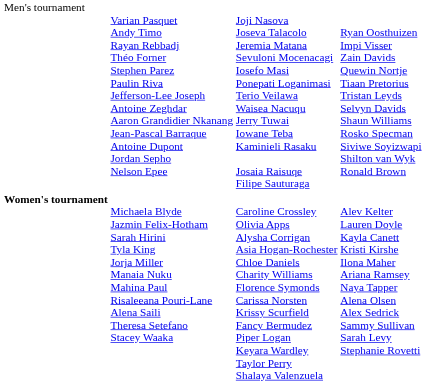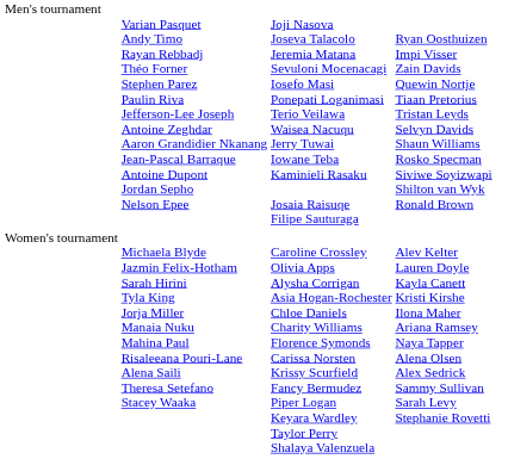 <table>
 <tr valign="top">
 <td>Men's tournament<br></td>
 <td><br><a href='#'>Varian Pasquet</a><br><a href='#'>Andy Timo</a><br><a href='#'>Rayan Rebbadj</a><br><a href='#'>Théo Forner</a><br><a href='#'>Stephen Parez</a><br><a href='#'>Paulin Riva</a><br><a href='#'>Jefferson-Lee Joseph</a><br><a href='#'>Antoine Zeghdar</a><br><a href='#'>Aaron Grandidier Nkanang</a><br><a href='#'>Jean-Pascal Barraque</a><br><a href='#'>Antoine Dupont</a><br><a href='#'>Jordan Sepho</a><br><a href='#'>Nelson Epee</a></td>
 <td><br><a href='#'>Joji Nasova</a><br><a href='#'>Joseva Talacolo</a><br><a href='#'>Jeremia Matana</a><br><a href='#'>Sevuloni Mocenacagi</a><br><a href='#'>Iosefo Masi</a><br><a href='#'>Ponepati Loganimasi</a><br><a href='#'>Terio Veilawa</a><br><a href='#'>Waisea Nacuqu</a><br><a href='#'>Jerry Tuwai</a><br><a href='#'>Iowane Teba</a><br><a href='#'>Kaminieli Rasaku</a><br><br><a href='#'>Josaia Raisuqe</a><br><a href='#'>Filipe Sauturaga</a></td>
 <td><br><br><a href='#'>Ryan Oosthuizen</a><br><a href='#'>Impi Visser</a><br><a href='#'>Zain Davids</a><br><a href='#'>Quewin Nortje</a><br><a href='#'>Tiaan Pretorius</a><br><a href='#'>Tristan Leyds</a><br><a href='#'>Selvyn Davids</a><br><a href='#'>Shaun Williams</a><br><a href='#'>Rosko Specman</a><br><a href='#'>Siviwe Soyizwapi</a><br><a href='#'>Shilton van Wyk</a><br><a href='#'>Ronald Brown</a></td>
 </tr>
 <tr valign="top">
-<td><strong>Women's tournament<br></strong></td>
+<td>Women's tournament<br></td>
 <td><br><a href='#'>Michaela Blyde</a><br><a href='#'>Jazmin Felix-Hotham</a><br><a href='#'>Sarah Hirini</a><br><a href='#'>Tyla King</a><br><a href='#'>Jorja Miller</a><br><a href='#'>Manaia Nuku</a><br><a href='#'>Mahina Paul</a><br><a href='#'>Risaleeana Pouri-Lane</a><br><a href='#'>Alena Saili</a><br><a href='#'>Theresa Setefano</a><br><a href='#'>Stacey Waaka</a><br></td>
 <td><br><a href='#'>Caroline Crossley</a><br><a href='#'>Olivia Apps</a><br><a href='#'>Alysha Corrigan</a><br><a href='#'>Asia Hogan-Rochester</a><br><a href='#'>Chloe Daniels</a><br><a href='#'>Charity Williams</a><br><a href='#'>Florence Symonds</a><br><a href='#'>Carissa Norsten</a><br><a href='#'>Krissy Scurfield</a><br><a href='#'>Fancy Bermudez</a><br><a href='#'>Piper Logan</a><br><a href='#'>Keyara Wardley</a><br><a href='#'>Taylor Perry</a><br><a href='#'>Shalaya Valenzuela</a></td>
 <td><br><a href='#'>Alev Kelter</a><br><a href='#'>Lauren Doyle</a><br><a href='#'>Kayla Canett</a><br><a href='#'>Kristi Kirshe</a><br><a href='#'>Ilona Maher</a><br><a href='#'>Ariana Ramsey</a> <br><a href='#'>Naya Tapper</a><br><a href='#'>Alena Olsen</a><br><a href='#'>Alex Sedrick</a><br><a href='#'>Sammy Sullivan</a><br><a href='#'>Sarah Levy</a><br><a href='#'>Stephanie Rovetti</a></td>
 </tr>
 </table>
